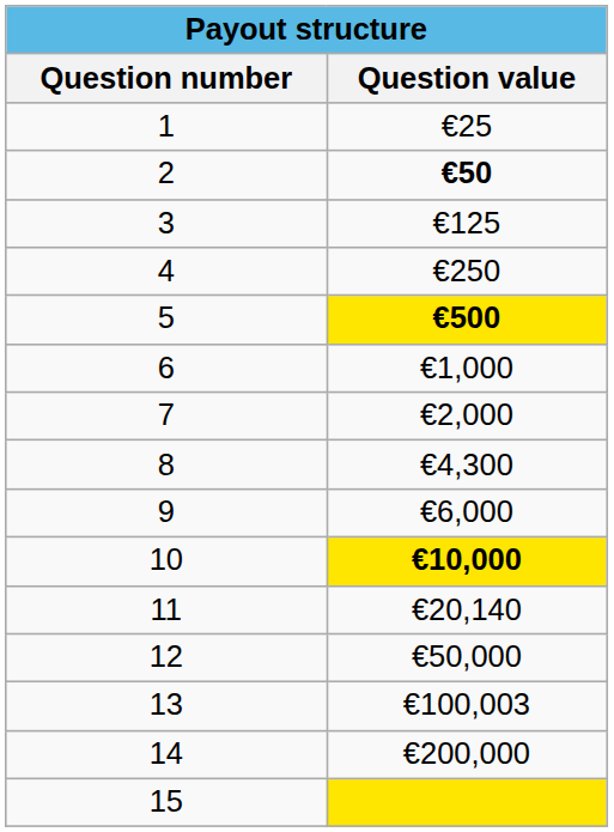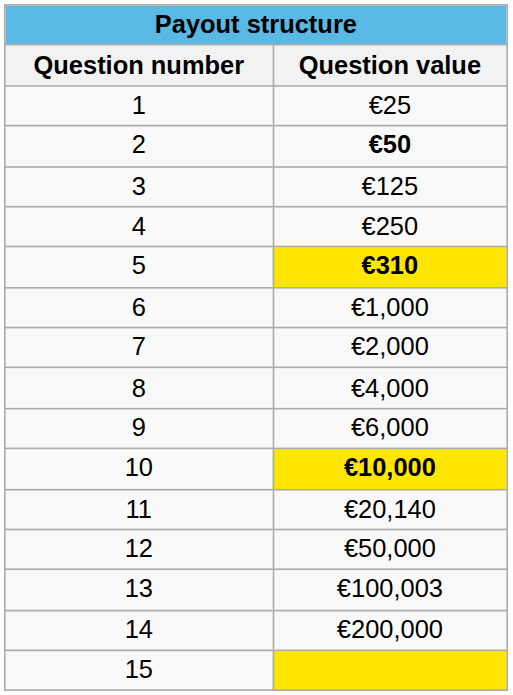 <table class="wikitable" style="text-align:center; border:1px; cellpadding:0; cellspacing:0; width:20%;">
 <tr>
 <th colspan="2" style="background: #58B9E4">Payout structure</th>
 </tr>
 <tr>
 <th rowspan="1">Question number</th>
 <th colspan="1">Question value</th>
 </tr>
 <tr>
 <td>1</td>
 <td>€25</td>
 </tr>
 <tr>
 <td>2</td>
 <td><strong>€50</strong></td>
 </tr>
 <tr>
 <td>3</td>
 <td>€125</td>
 </tr>
 <tr>
 <td>4</td>
 <td>€250</td>
 </tr>
 <tr>
 <td>5</td>
-<td style="background: #FFE600"><strong>€500</strong></td>
+<td style="background: #FFE600"><strong>€310</strong></td>
 </tr>
 <tr>
 <td>6</td>
 <td>€1,000</td>
 </tr>
 <tr>
 <td>7</td>
 <td>€2,000</td>
 </tr>
 <tr>
 <td>8</td>
-<td>€4,300</td>
+<td>€4,000</td>
 </tr>
 <tr>
 <td>9</td>
 <td>€6,000</td>
 </tr>
 <tr>
 <td>10</td>
 <td style="background: #FFE600"><strong>€10,000</strong></td>
 </tr>
 <tr>
 <td>11</td>
 <td>€20,140</td>
 </tr>
 <tr>
 <td>12</td>
 <td>€50,000</td>
 </tr>
 <tr>
 <td>13</td>
 <td>€100,003</td>
 </tr>
 <tr>
 <td>14</td>
 <td>€200,000</td>
 </tr>
 <tr>
 <td>15</td>
 <td style="background: #FFE600"><strong></strong></td>
 </tr>
 <tr>
 </tr>
 </table>
